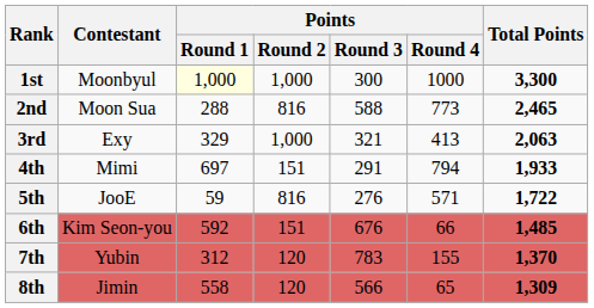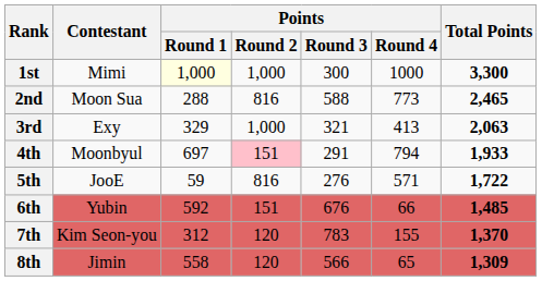 <table class="wikitable plainrowheaders sortable" style="text-align:center;">
 <tr>
 <th scope="col" rowspan="2">Rank</th>
 <th scope="col" rowspan="2">Contestant</th>
 <th colspan="4">Points</th>
 <th scope="col" rowspan="2">Total Points</th>
 </tr>
 <tr>
 <th>Round 1</th>
 <th>Round 2</th>
 <th>Round 3</th>
 <th>Round 4</th>
 </tr>
 <tr>
 <th>1st</th>
-<td>Moonbyul</td>
+<td>Mimi</td>
 <td style="background: lightyellow;">1,000</td>
 <td>1,000</td>
 <td>300</td>
 <td>1000</td>
 <td><strong>3,300</strong></td>
 </tr>
 <tr>
 <th>2nd</th>
 <td>Moon Sua</td>
 <td>288</td>
 <td>816</td>
 <td>588</td>
 <td>773</td>
 <td><strong>2,465</strong></td>
 </tr>
 <tr>
 <th>3rd</th>
 <td>Exy</td>
 <td>329</td>
 <td>1,000</td>
 <td>321</td>
 <td>413</td>
 <td><strong>2,063</strong></td>
 </tr>
 <tr>
 <th>4th</th>
-<td>Mimi</td>
+<td>Moonbyul</td>
 <td>697</td>
-<td>151</td>
+<td style="background: pink;">151</td>
 <td>291</td>
 <td>794</td>
 <td><strong>1,933</strong></td>
 </tr>
 <tr>
 <th>5th</th>
 <td>JooE</td>
 <td>59</td>
 <td>816</td>
 <td>276</td>
 <td>571</td>
 <td><strong>1,722</strong></td>
 </tr>
 <tr>
 <th>6th</th>
-<td style="background:#E06666">Kim Seon-you</td>
+<td style="background:#E06666">Yubin</td>
 <td style="background:#E06666">592</td>
 <td style="background:#E06666">151</td>
 <td style="background:#E06666">676</td>
 <td style="background:#E06666">66</td>
 <td style="background:#E06666"><strong>1,485</strong></td>
 </tr>
 <tr>
 <th>7th</th>
-<td style="background:#E06666">Yubin</td>
+<td style="background:#E06666">Kim Seon-you</td>
 <td style="background:#E06666">312</td>
 <td style="background:#E06666">120</td>
 <td style="background:#E06666">783</td>
 <td style="background:#E06666">155</td>
 <td style="background:#E06666"><strong>1,370</strong></td>
 </tr>
 <tr>
 <th>8th</th>
 <td style="background:#E06666">Jimin</td>
 <td style="background:#E06666">558</td>
 <td style="background:#E06666">120</td>
 <td style="background:#E06666">566</td>
 <td style="background:#E06666">65</td>
 <td style="background:#E06666"><strong>1,309</strong></td>
 </tr>
 </table>
